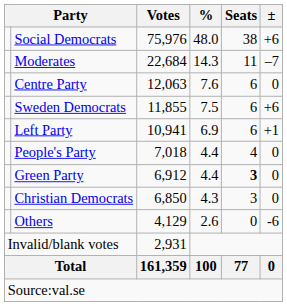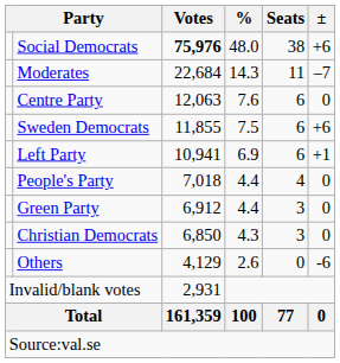 <table class=wikitable style=text-align:right>
 <tr>
 <th colspan=2>Party</th>
 <th>Votes</th>
 <th>%</th>
 <th>Seats</th>
 <th>±</th>
 </tr>
 <tr>
 <td bgcolor=></td>
 <td align=left><a href='#'>Social Democrats</a></td>
-<td>75,976</td>
+<td><strong>75,976</strong></td>
 <td>48.0</td>
 <td>38</td>
 <td>+6</td>
 </tr>
 <tr>
 <td bgcolor=></td>
 <td align=left><a href='#'>Moderates</a></td>
 <td>22,684</td>
 <td>14.3</td>
 <td>11</td>
 <td>–7</td>
 </tr>
 <tr>
 <td bgcolor=></td>
 <td align=left><a href='#'>Centre Party</a></td>
 <td>12,063</td>
 <td>7.6</td>
 <td>6</td>
 <td>0</td>
 </tr>
 <tr>
 <td bgcolor=></td>
 <td align=left><a href='#'>Sweden Democrats</a></td>
 <td>11,855</td>
 <td>7.5</td>
 <td>6</td>
 <td>+6</td>
 </tr>
 <tr>
 <td bgcolor=></td>
 <td align=left><a href='#'>Left Party</a></td>
 <td>10,941</td>
 <td>6.9</td>
 <td>6</td>
 <td>+1</td>
 </tr>
 <tr>
 <td bgcolor=></td>
 <td align=left><a href='#'>People's Party</a></td>
 <td>7,018</td>
 <td>4.4</td>
 <td>4</td>
 <td>0</td>
 </tr>
 <tr>
 <td bgcolor=></td>
 <td align=left><a href='#'>Green Party</a></td>
 <td>6,912</td>
 <td>4.4</td>
-<td><strong>3</strong></td>
+<td>3</td>
 <td>0</td>
 </tr>
 <tr>
 <td bgcolor=></td>
 <td align=left><a href='#'>Christian Democrats</a></td>
 <td>6,850</td>
 <td>4.3</td>
 <td>3</td>
 <td>0</td>
 </tr>
 <tr>
 <td></td>
 <td align=left><a href='#'>Others</a></td>
 <td>4,129</td>
 <td>2.6</td>
 <td>0</td>
 <td>-6</td>
 </tr>
 <tr>
 <td align=left colspan=2>Invalid/blank votes</td>
 <td>2,931</td>
 <td colspan=3></td>
 </tr>
 <tr>
 <th align=left colspan=2>Total</th>
 <th>161,359</th>
 <th>100</th>
 <th>77</th>
 <th>0</th>
 </tr>
 <tr>
 <td align=left colspan=6>Source:val.se </td>
 </tr>
 </table>
